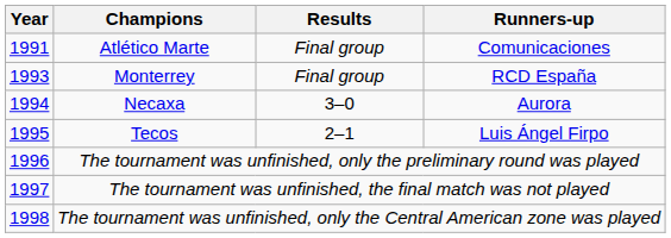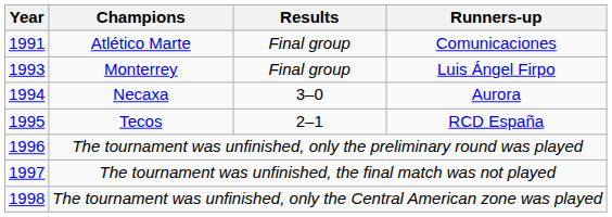 <table class="wikitable" style="text-align: center;">
 <tr>
 <th>Year</th>
 <th>Champions</th>
 <th>Results</th>
 <th>Runners-up</th>
 </tr>
 <tr>
 <td><a href='#'>1991</a></td>
 <td> <a href='#'>Atlético Marte</a></td>
 <td><em>Final group</em></td>
 <td> <a href='#'>Comunicaciones</a></td>
 </tr>
 <tr>
 <td><a href='#'>1993</a></td>
 <td> <a href='#'>Monterrey</a></td>
 <td><em>Final group</em></td>
-<td> <a href='#'>RCD España</a></td>
+<td> <a href='#'>Luis Ángel Firpo</a></td>
 </tr>
 <tr>
 <td><a href='#'>1994</a></td>
 <td> <a href='#'>Necaxa</a></td>
 <td>3–0</td>
 <td> <a href='#'>Aurora</a></td>
 </tr>
 <tr>
 <td><a href='#'>1995</a></td>
 <td> <a href='#'>Tecos</a></td>
 <td>2–1</td>
-<td> <a href='#'>Luis Ángel Firpo</a></td>
+<td> <a href='#'>RCD España</a></td>
 </tr>
 <tr>
 <td><a href='#'>1996</a></td>
 <td colspan=3><em>The tournament was unfinished, only the preliminary round was played</em></td>
 </tr>
 <tr>
 <td><a href='#'>1997</a></td>
 <td colspan=3><em>The tournament was unfinished, the final match was not played</em></td>
 </tr>
 <tr>
 <td><a href='#'>1998</a></td>
 <td colspan=3><em>The tournament was unfinished, only the Central American zone was played</em></td>
 </tr>
 </table>
